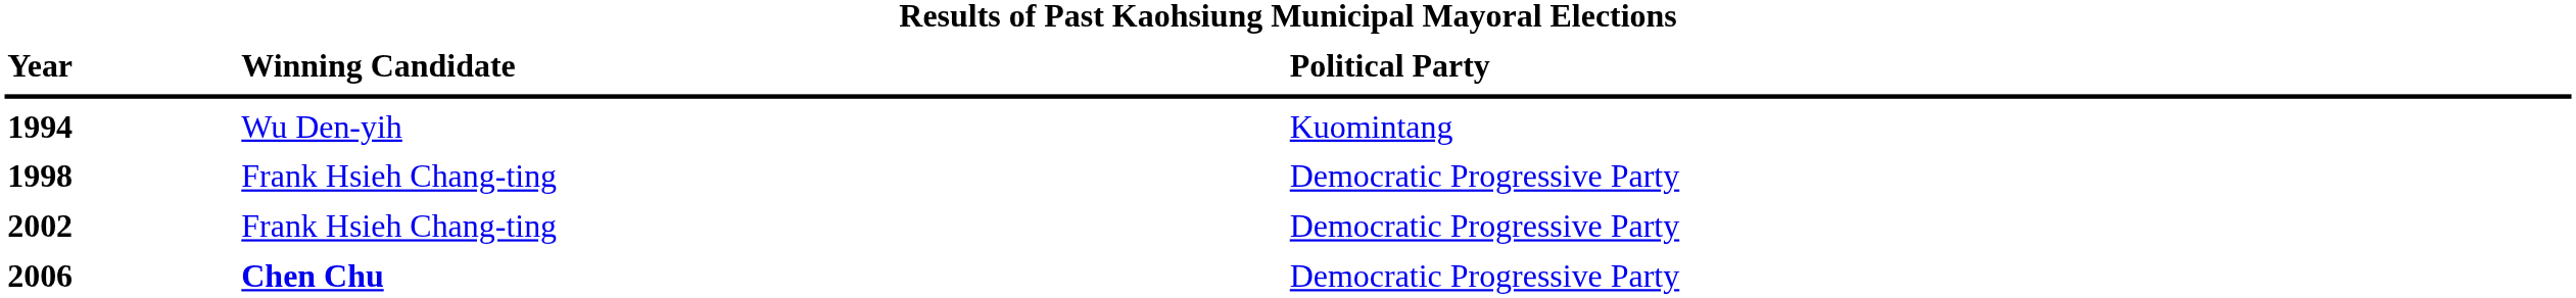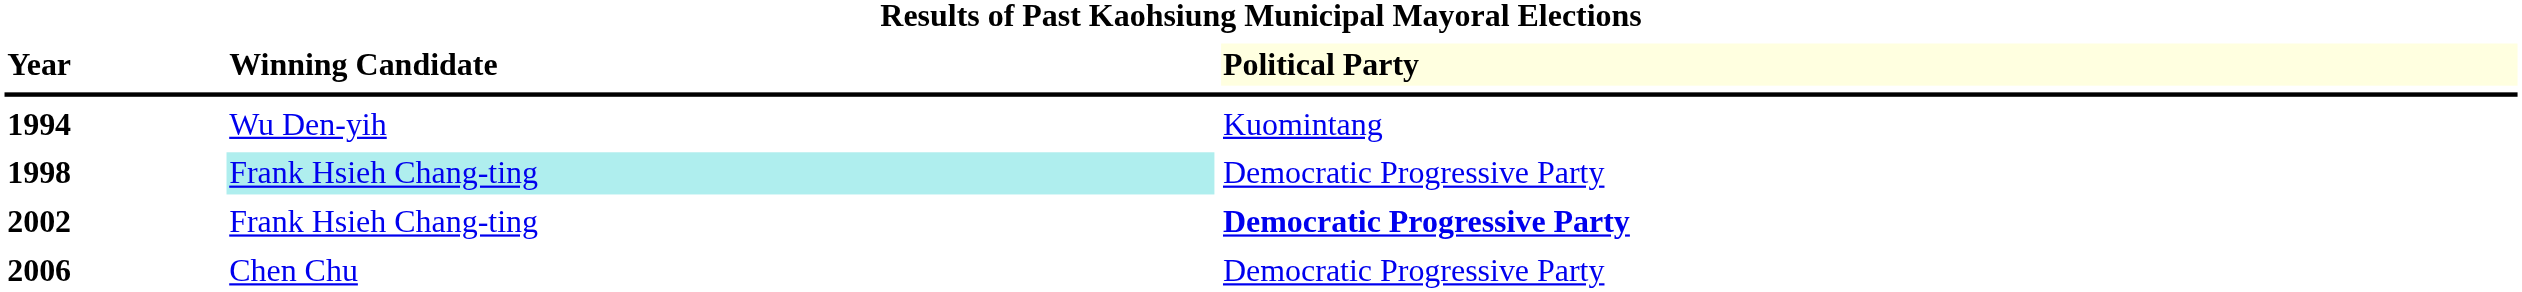 <table id="toc" style="margin:1em auto; width: 90%; font-size: 90%;" cellspacing="3">
 <tr>
 <td colspan="3" align="center"><strong>Results of Past Kaohsiung Municipal Mayoral Elections</strong></td>
 </tr>
 <tr>
 <td><strong>Year</strong></td>
 <td><strong> Winning Candidate</strong></td>
-<td><strong>Political Party</strong></td>
+<td style="background: lightyellow;"><strong>Political Party</strong></td>
 </tr>
 <tr>
 <th bgcolor="#000000" colspan="6"></th>
 </tr>
 <tr>
 <td><strong>1994</strong></td>
 <td><a href='#'>Wu Den-yih</a></td>
 <td><a href='#'>Kuomintang</a></td>
 </tr>
 <tr>
 <td><strong>1998</strong></td>
-<td><a href='#'>Frank Hsieh Chang-ting</a></td>
+<td style="background: paleturquoise;"><a href='#'>Frank Hsieh Chang-ting</a></td>
 <td><a href='#'>Democratic Progressive Party</a></td>
 </tr>
 <tr>
 <td><strong>2002</strong></td>
 <td><a href='#'>Frank Hsieh Chang-ting</a></td>
-<td><a href='#'>Democratic Progressive Party</a></td>
+<td><strong><a href='#'>Democratic Progressive Party</a></strong></td>
 </tr>
 <tr>
 <td><strong>2006</strong></td>
-<td><strong><a href='#'>Chen Chu</a></strong></td>
+<td><a href='#'>Chen Chu</a></td>
 <td><a href='#'>Democratic Progressive Party</a></td>
 </tr>
 </table>
